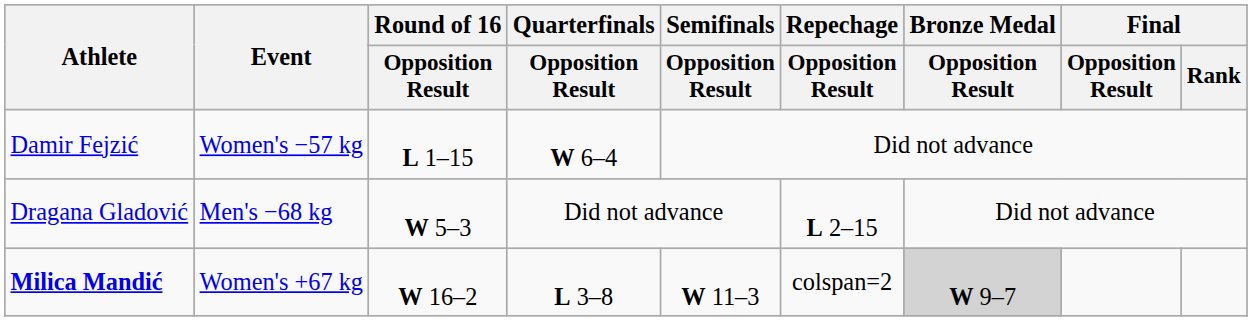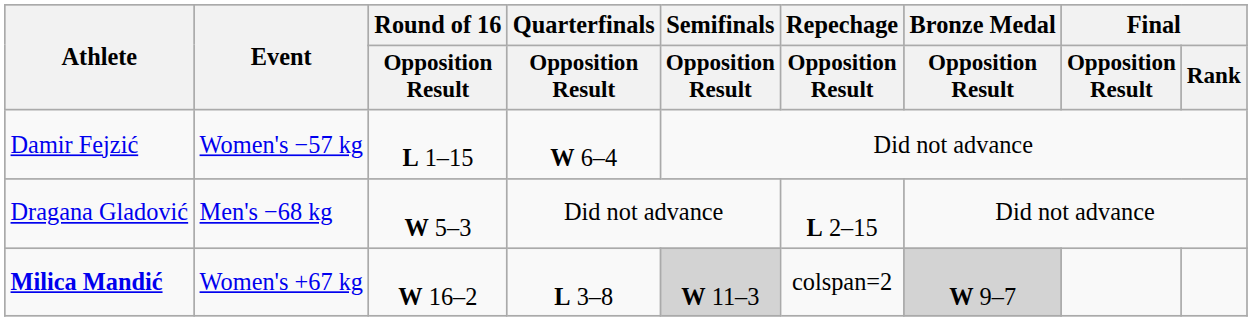 <table class="wikitable" style="font-size:90%">
 <tr>
 <th rowspan=2>Athlete</th>
 <th rowspan=2>Event</th>
 <th>Round of 16</th>
 <th>Quarterfinals</th>
 <th>Semifinals</th>
 <th>Repechage</th>
 <th>Bronze Medal</th>
 <th colspan=2>Final</th>
 </tr>
 <tr style="font-size:95%">
 <th>Opposition<br>Result</th>
 <th>Opposition<br>Result</th>
 <th>Opposition<br>Result</th>
 <th>Opposition<br>Result</th>
 <th>Opposition<br>Result</th>
 <th>Opposition<br>Result</th>
 <th>Rank</th>
 </tr>
 <tr align=center>
 <td align=left><a href='#'>Damir Fejzić</a></td>
 <td align=left><a href='#'>Women's −57 kg</a></td>
 <td><br><strong>L</strong> 1–15</td>
 <td><br><strong>W</strong> 6–4</td>
 <td colspan=5>Did not advance</td>
 </tr>
 <tr align=center>
 <td align=left><a href='#'>Dragana Gladović</a></td>
 <td align=left><a href='#'>Men's −68 kg</a></td>
 <td><br><strong>W</strong> 5–3</td>
 <td colspan=2>Did not advance</td>
 <td><br><strong>L</strong> 2–15</td>
 <td colspan=3>Did not advance</td>
 </tr>
 <tr align=center>
 <td align=left><strong><a href='#'>Milica Mandić</a></strong></td>
 <td align=left><a href='#'>Women's +67 kg</a></td>
 <td><br><strong>W</strong> 16–2</td>
 <td><br><strong>L</strong> 3–8</td>
-<td><br><strong>W</strong> 11–3</td>
+<td style="background: lightgrey;"><br><strong>W</strong> 11–3</td>
 <td>colspan=2 </td>
 <td style="background: lightgrey;"><br><strong>W</strong> 9–7</td>
 <td></td>
 </tr>
 </table>
